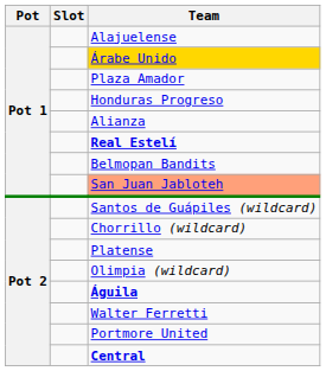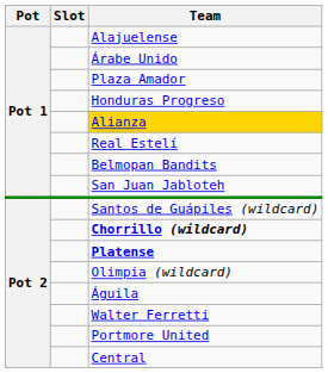 <table class="wikitable">
 <tr>
 <th>Pot</th>
 <th>Slot</th>
 <th>Team</th>
 </tr>
 <tr>
 <th rowspan=8>Pot 1</th>
 <td></td>
 <td> <a href='#'>Alajuelense</a></td>
 </tr>
 <tr>
 <td></td>
-<td style="background: gold;"> <a href='#'>Árabe Unido</a></td>
+<td> <a href='#'>Árabe Unido</a></td>
 </tr>
 <tr>
 <td></td>
 <td> <a href='#'>Plaza Amador</a></td>
 </tr>
 <tr>
 <td></td>
 <td> <a href='#'>Honduras Progreso</a></td>
 </tr>
 <tr>
 <td></td>
-<td> <a href='#'>Alianza</a></td>
+<td style="background: gold;"> <a href='#'>Alianza</a></td>
 </tr>
 <tr>
 <td></td>
-<td><strong> <a href='#'>Real Estelí</a></strong></td>
+<td> <a href='#'>Real Estelí</a></td>
 </tr>
 <tr>
 <td></td>
 <td> <a href='#'>Belmopan Bandits</a></td>
 </tr>
 <tr>
 <td></td>
-<td style="background: lightsalmon;"> <a href='#'>San Juan Jabloteh</a></td>
+<td> <a href='#'>San Juan Jabloteh</a></td>
 </tr>
 <tr style="border-top:3px solid green;">
 <th rowspan=8>Pot 2</th>
 <td></td>
 <td> <a href='#'>Santos de Guápiles</a> <em>(wildcard)</em></td>
 </tr>
 <tr>
 <td></td>
-<td> <a href='#'>Chorrillo</a> <em>(wildcard)</em></td>
+<td><strong> <a href='#'>Chorrillo</a> <em>(wildcard)</em></strong></td>
 </tr>
 <tr>
 <td></td>
-<td> <a href='#'>Platense</a></td>
+<td><strong> <a href='#'>Platense</a></strong></td>
 </tr>
 <tr>
 <td></td>
 <td> <a href='#'>Olimpia</a> <em>(wildcard)</em></td>
 </tr>
 <tr>
 <td></td>
-<td><strong> <a href='#'>Águila</a></strong></td>
+<td> <a href='#'>Águila</a></td>
 </tr>
 <tr>
 <td></td>
 <td> <a href='#'>Walter Ferretti</a></td>
 </tr>
 <tr>
 <td></td>
 <td> <a href='#'>Portmore United</a></td>
 </tr>
 <tr>
 <td></td>
-<td><strong> <a href='#'>Central</a></strong></td>
+<td> <a href='#'>Central</a></td>
 </tr>
 </table>
